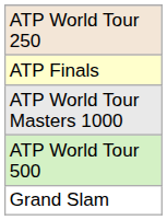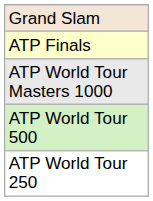 <table class="wikitable" style="font-size:85%; width:13%;">
 <tr>
 </tr>
 <tr style="background:#f3e6d7;">
-<td>ATP World Tour 250</td>
+<td>Grand Slam</td>
 </tr>
 <tr style="background:#ffffcc;">
 <td>ATP Finals</td>
 </tr>
 <tr style="background:#e9e9e9;">
 <td>ATP World Tour Masters 1000</td>
 </tr>
 <tr style="background:#d4f1c5;">
 <td>ATP World Tour 500</td>
 </tr>
 <tr style="background:#ffffff;">
-<td>Grand Slam</td>
+<td>ATP World Tour 250</td>
 </tr>
 </table>
